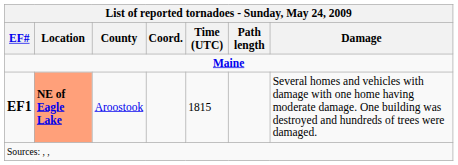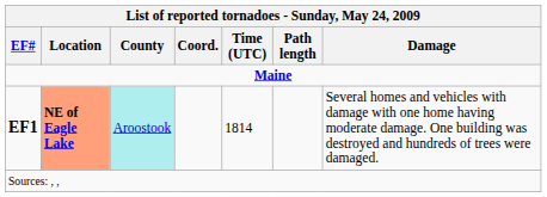 <table class="wikitable collapsible" width="100%">
 <tr>
 <th colspan="7">List of reported tornadoes - Sunday, May 24, 2009</th>
 </tr>
 <tr>
 <th><a href='#'>EF#</a></th>
 <th>Location</th>
 <th>County</th>
 <th>Coord.</th>
 <th>Time (UTC)</th>
 <th>Path length</th>
 <th>Damage</th>
 </tr>
 <tr>
 <td colspan="7" align=center><strong><a href='#'>Maine</a></strong></td>
 </tr>
 <tr>
 <td><big><strong>EF1</strong></big></td>
 <td style="background: lightsalmon;"><strong>NE of <a href='#'>Eagle Lake</a> </strong></td>
-<td><a href='#'>Aroostook</a></td>
+<td style="background: paleturquoise;"><a href='#'>Aroostook</a></td>
 <td></td>
-<td>1815</td>
+<td>1814</td>
 <td></td>
 <td>Several homes and vehicles with damage with one home having moderate damage. One building was destroyed and hundreds of trees were damaged.</td>
 </tr>
 <tr>
 <td colspan="7"><small>Sources: , , </small></td>
 </tr>
 </table>
